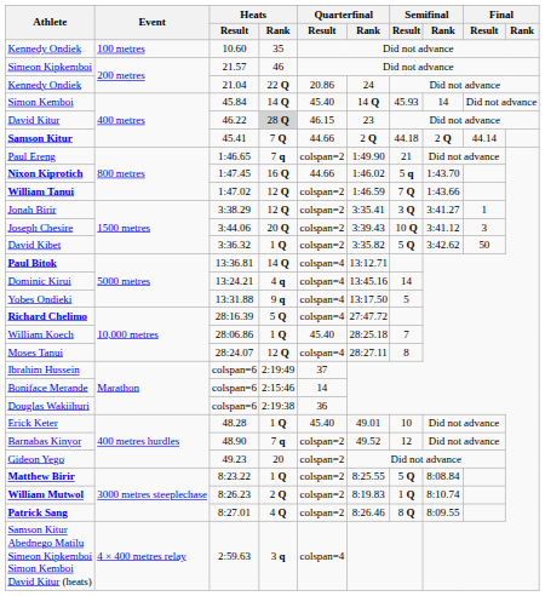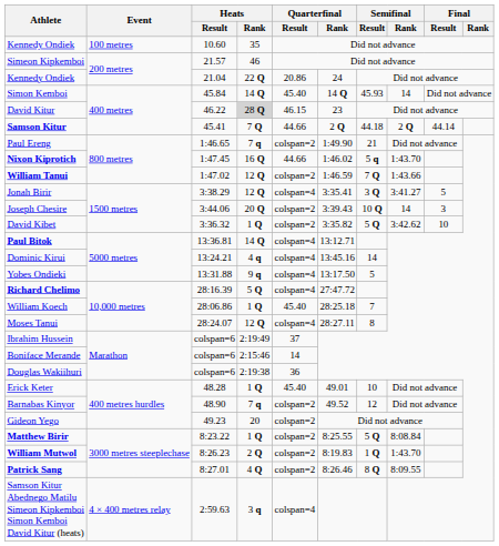 <table class="wikitable" style="font-size:90%">
 <tr>
 <th rowspan="2">Athlete</th>
 <th rowspan="2">Event</th>
 <th colspan="2">Heats</th>
 <th colspan="2">Quarterfinal</th>
 <th colspan="2">Semifinal</th>
 <th colspan="2">Final</th>
 </tr>
 <tr style="font-size:95%">
 <th>Result</th>
 <th>Rank</th>
 <th>Result</th>
 <th>Rank</th>
 <th>Result</th>
 <th>Rank</th>
 <th>Result</th>
 <th>Rank</th>
 </tr>
 <tr align=center>
 <td align=left><a href='#'>Kennedy Ondiek</a></td>
 <td align=left><a href='#'>100 metres</a></td>
 <td>10.60</td>
 <td>35</td>
 <td colspan=6>Did not advance</td>
 </tr>
 <tr align=center>
 <td align=left><a href='#'>Simeon Kipkemboi</a></td>
 <td align=left rowspan=2><a href='#'>200 metres</a></td>
 <td>21.57</td>
 <td>46</td>
 <td colspan=6>Did not advance</td>
 </tr>
 <tr align=center>
 <td align=left><a href='#'>Kennedy Ondiek</a></td>
 <td>21.04</td>
 <td>22 <strong>Q</strong></td>
 <td>20.86</td>
 <td>24</td>
 <td colspan=4>Did not advance</td>
 </tr>
 <tr align=center>
 <td align=left><a href='#'>Simon Kemboi</a></td>
 <td align=left rowspan=3><a href='#'>400 metres</a></td>
 <td>45.84</td>
 <td>14 <strong>Q</strong></td>
 <td>45.40</td>
 <td>14 <strong>Q</strong></td>
 <td>45.93</td>
 <td>14</td>
 <td colspan=2>Did not advance</td>
 </tr>
 <tr align=center>
 <td align=left><a href='#'>David Kitur</a></td>
 <td>46.22</td>
 <td style="background: lightgrey;">28 <strong>Q</strong></td>
 <td>46.15</td>
 <td>23</td>
 <td colspan=4>Did not advance</td>
 </tr>
 <tr align=center>
 <td align=left><strong><a href='#'>Samson Kitur</a></strong></td>
 <td>45.41</td>
 <td>7 <strong>Q</strong></td>
 <td>44.66</td>
 <td>2 <strong>Q</strong></td>
 <td>44.18</td>
 <td>2 <strong>Q</strong></td>
 <td>44.14</td>
 <td></td>
 </tr>
 <tr align=center>
 <td align=left><a href='#'>Paul Ereng</a></td>
 <td align=left rowspan=3><a href='#'>800 metres</a></td>
 <td>1:46.65</td>
 <td>7 <strong>q</strong></td>
 <td>colspan=2</td>
 <td>1:49.90</td>
 <td>21</td>
 <td colspan=2>Did not advance</td>
 </tr>
 <tr align=center>
 <td align=left><strong><a href='#'>Nixon Kiprotich</a></strong></td>
 <td>1:47.45</td>
 <td>16 <strong>Q</strong></td>
 <td>44.66</td>
 <td>1:46.02</td>
 <td>5 <strong>q</strong></td>
 <td>1:43.70</td>
 <td></td>
 </tr>
 <tr align=center>
 <td align=left><strong><a href='#'>William Tanui</a></strong></td>
 <td>1:47.02</td>
 <td>12 <strong>Q</strong></td>
 <td>colspan=2</td>
 <td>1:46.59</td>
 <td>7 <strong>Q</strong></td>
 <td>1:43.66</td>
 <td></td>
 </tr>
 <tr align=center>
 <td align=left><a href='#'>Jonah Birir</a></td>
 <td align=left rowspan=3><a href='#'>1500 metres</a></td>
 <td>3:38.29</td>
 <td>12 <strong>Q</strong></td>
-<td>colspan=2</td>
+<td>colspan=4</td>
 <td>3:35.41</td>
 <td>3 <strong>Q</strong></td>
 <td>3:41.27</td>
-<td>1</td>
+<td>5</td>
 </tr>
 <tr align=center>
 <td align=left><a href='#'>Joseph Chesire</a></td>
 <td>3:44.06</td>
 <td>20 <strong>Q</strong></td>
 <td>colspan=2</td>
 <td>3:39.43</td>
 <td>10 <strong>Q</strong></td>
-<td>3:41.12</td>
+<td>14</td>
 <td>3</td>
 </tr>
 <tr align=center>
 <td align=left><a href='#'>David Kibet</a></td>
 <td>3:36.32</td>
 <td>1 <strong>Q</strong></td>
 <td>colspan=2</td>
 <td>3:35.82</td>
 <td>5 <strong>Q</strong></td>
 <td>3:42.62</td>
-<td>50</td>
+<td>10</td>
 </tr>
 <tr align=center>
 <td align=left><strong><a href='#'>Paul Bitok</a></strong></td>
 <td align=left rowspan=3><a href='#'>5000 metres</a></td>
 <td>13:36.81</td>
 <td>14 <strong>Q</strong></td>
 <td>colspan=4</td>
 <td>13:12.71</td>
 <td></td>
 </tr>
 <tr align=center>
 <td align=left><a href='#'>Dominic Kirui</a></td>
 <td>13:24.21</td>
 <td>4 <strong>q</strong></td>
 <td>colspan=4</td>
 <td>13:45.16</td>
 <td>14</td>
 </tr>
 <tr align=center>
 <td align=left><a href='#'>Yobes Ondieki</a></td>
 <td>13:31.88</td>
 <td>9 <strong>q</strong></td>
 <td>colspan=4</td>
 <td>13:17.50</td>
 <td>5</td>
 </tr>
 <tr align=center>
 <td align=left><strong><a href='#'>Richard Chelimo</a></strong></td>
 <td align=left rowspan=3><a href='#'>10,000 metres</a></td>
 <td>28:16.39</td>
 <td>5 <strong>Q</strong></td>
 <td>colspan=4</td>
 <td>27:47.72</td>
 <td></td>
 </tr>
 <tr align=center>
 <td align=left><a href='#'>William Koech</a></td>
 <td>28:06.86</td>
 <td>1 <strong>Q</strong></td>
 <td>45.40</td>
 <td>28:25.18</td>
 <td>7</td>
 </tr>
 <tr align=center>
 <td align=left><a href='#'>Moses Tanui</a></td>
 <td>28:24.07</td>
 <td>12 <strong>Q</strong></td>
 <td>colspan=4</td>
 <td>28:27.11</td>
 <td>8</td>
 </tr>
 <tr align=center>
 <td align=left><a href='#'>Ibrahim Hussein</a></td>
 <td align=left rowspan=3><a href='#'>Marathon</a></td>
 <td>colspan=6</td>
 <td>2:19:49</td>
 <td>37</td>
 </tr>
 <tr align=center>
 <td align=left><a href='#'>Boniface Merande</a></td>
 <td>colspan=6</td>
 <td>2:15:46</td>
 <td>14</td>
 </tr>
 <tr align=center>
 <td align=left><a href='#'>Douglas Wakiihuri</a></td>
 <td>colspan=6</td>
 <td>2:19:38</td>
 <td>36</td>
 </tr>
 <tr align=center>
 <td align=left><a href='#'>Erick Keter</a></td>
 <td align=left rowspan=3><a href='#'>400 metres hurdles</a></td>
 <td>48.28</td>
 <td>1 <strong>Q</strong></td>
 <td>45.40</td>
 <td>49.01</td>
 <td>10</td>
 <td colspan=2>Did not advance</td>
 </tr>
 <tr align=center>
 <td align=left><a href='#'>Barnabas Kinyor</a></td>
 <td>48.90</td>
 <td>7 <strong>q</strong></td>
 <td>colspan=2</td>
 <td>49.52</td>
 <td>12</td>
 <td colspan=2>Did not advance</td>
 </tr>
 <tr align=center>
 <td align=left><a href='#'>Gideon Yego</a></td>
 <td>49.23</td>
 <td>20</td>
 <td>colspan=2</td>
 <td colspan=4>Did not advance</td>
 </tr>
 <tr align=center>
 <td align=left><strong><a href='#'>Matthew Birir</a></strong></td>
 <td align=left rowspan=3><a href='#'>3000 metres steeplechase</a></td>
 <td>8:23.22</td>
 <td>1 <strong>Q</strong></td>
 <td>colspan=2</td>
 <td>8:25.55</td>
 <td>5 <strong>Q</strong></td>
 <td>8:08.84</td>
 <td></td>
 </tr>
 <tr align=center>
 <td align=left><strong><a href='#'>William Mutwol</a></strong></td>
 <td>8:26.23</td>
 <td>2 <strong>Q</strong></td>
 <td>colspan=2</td>
 <td>8:19.83</td>
 <td>1 <strong>Q</strong></td>
-<td>8:10.74</td>
+<td>1:43.70</td>
 <td></td>
 </tr>
 <tr align=center>
 <td align=left><strong><a href='#'>Patrick Sang</a></strong></td>
 <td>8:27.01</td>
 <td>4 <strong>Q</strong></td>
 <td>colspan=2</td>
 <td>8:26.46</td>
 <td>8 <strong>Q</strong></td>
 <td>8:09.55</td>
 <td></td>
 </tr>
 <tr align=center>
 <td align=left><a href='#'>Samson Kitur</a><br><a href='#'>Abednego Matilu</a><br><a href='#'>Simeon Kipkemboi</a><br><a href='#'>Simon Kemboi</a><br><a href='#'>David Kitur</a> (heats)</td>
 <td align=left><a href='#'>4 × 400 metres relay</a></td>
 <td>2:59.63</td>
 <td>3 <strong>q</strong></td>
 <td>colspan=4</td>
 <td colspan=2></td>
 </tr>
 </table>
